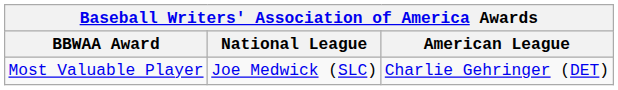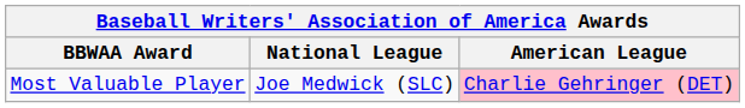 <table class="wikitable">
 <tr>
 <th colspan="3"><a href='#'>Baseball Writers' Association of America</a> Awards</th>
 </tr>
 <tr>
 <th>BBWAA Award</th>
 <th>National League</th>
 <th>American League</th>
 </tr>
 <tr>
 <td><a href='#'>Most Valuable Player</a></td>
 <td><a href='#'>Joe Medwick</a> (<a href='#'>SLC</a>)</td>
-<td><a href='#'>Charlie Gehringer</a> (<a href='#'>DET</a>)</td>
+<td style="background: pink;"><a href='#'>Charlie Gehringer</a> (<a href='#'>DET</a>)</td>
 </tr>
 </table>
